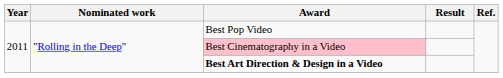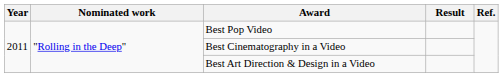 <table class="wikitable">
 <tr>
 <th>Year</th>
 <th width="250">Nominated work</th>
 <th width="325">Award</th>
 <th width="65">Result</th>
 <th>Ref.</th>
 </tr>
 <tr>
 <td rowspan="3">2011</td>
 <td rowspan="3">"<a href='#'>Rolling in the Deep</a>"</td>
 <td>Best Pop Video</td>
 <td></td>
 <td rowspan="3"></td>
 </tr>
 <tr>
-<td style="background: pink;">Best Cinematography in a Video</td>
+<td>Best Cinematography in a Video</td>
 <td></td>
 </tr>
 <tr>
-<td><strong>Best Art Direction & Design in a Video</strong></td>
+<td>Best Art Direction & Design in a Video</td>
 <td></td>
 </tr>
 </table>
